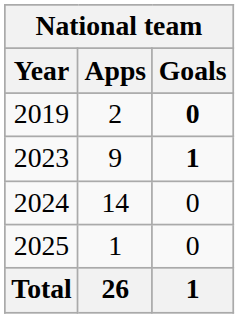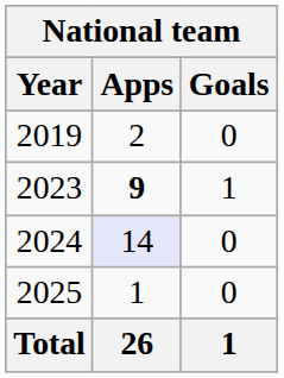 <table class="wikitable" style="text-align:center">
 <tr>
 <th colspan=4>National team</th>
 </tr>
 <tr>
 <th>Year</th>
 <th>Apps</th>
 <th>Goals</th>
 </tr>
 <tr>
 <td>2019</td>
 <td>2</td>
-<td><strong>0</strong></td>
+<td>0</td>
 </tr>
 <tr>
 <td>2023</td>
-<td>9</td>
-<td><strong>1</strong></td>
+<td><strong>9</strong></td>
+<td>1</td>
 </tr>
 <tr>
 <td>2024</td>
-<td>14</td>
+<td style="background: lavender;">14</td>
 <td>0</td>
 </tr>
 <tr>
 <td>2025</td>
 <td>1</td>
 <td>0</td>
 </tr>
 <tr>
 <th>Total</th>
 <th>26</th>
 <th>1</th>
 </tr>
 </table>
